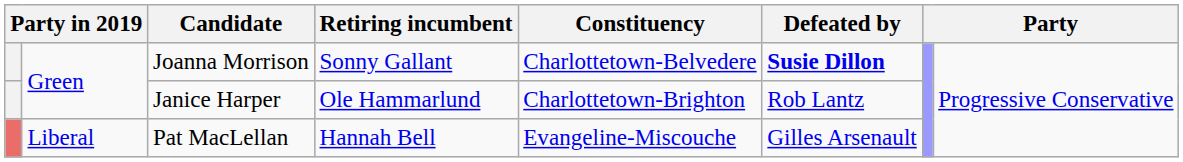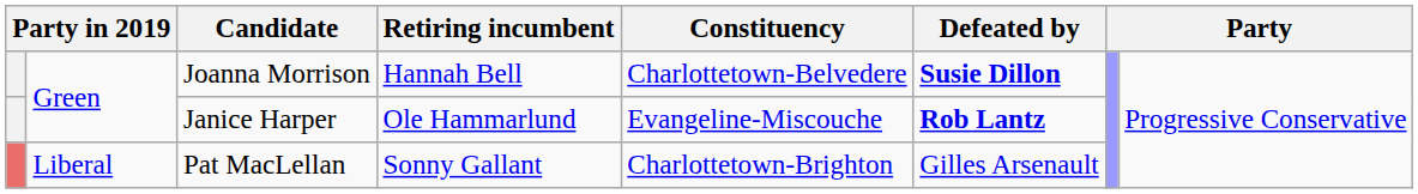 <table class="wikitable sortable" style="font-size: 95%;">
 <tr>
 <th colspan="2">Party in 2019</th>
 <th>Candidate</th>
 <th>Retiring incumbent</th>
 <th>Constituency</th>
 <th>Defeated by</th>
 <th colspan="2">Party</th>
 </tr>
 <tr>
 <th rowspan="1" style="background-color: "></th>
 <td rowspan="2"><a href='#'>Green</a></td>
 <td>Joanna Morrison</td>
-<td><a href='#'>Sonny Gallant</a></td>
+<td><a href='#'>Hannah Bell</a></td>
 <td><a href='#'>Charlottetown-Belvedere</a></td>
 <td><strong><a href='#'>Susie Dillon</a></strong></td>
 <td rowspan="3" style="background:#9999FF"></td>
 <td rowspan="3"><a href='#'>Progressive Conservative</a></td>
 </tr>
 <tr>
 <th rowspan="1" style="background-color: "></th>
 <td>Janice Harper</td>
 <td><a href='#'>Ole Hammarlund</a></td>
-<td><a href='#'>Charlottetown-Brighton</a></td>
-<td><a href='#'>Rob Lantz</a></td>
+<td><a href='#'>Evangeline-Miscouche</a></td>
+<td><strong><a href='#'>Rob Lantz</a></strong></td>
 </tr>
 <tr>
 <td style="background:#EA6D6A;"></td>
 <td><a href='#'>Liberal</a></td>
 <td>Pat MacLellan</td>
-<td><a href='#'>Hannah Bell</a></td>
-<td><a href='#'>Evangeline-Miscouche</a></td>
+<td><a href='#'>Sonny Gallant</a></td>
+<td><a href='#'>Charlottetown-Brighton</a></td>
 <td><a href='#'>Gilles Arsenault</a></td>
 </tr>
 </table>
